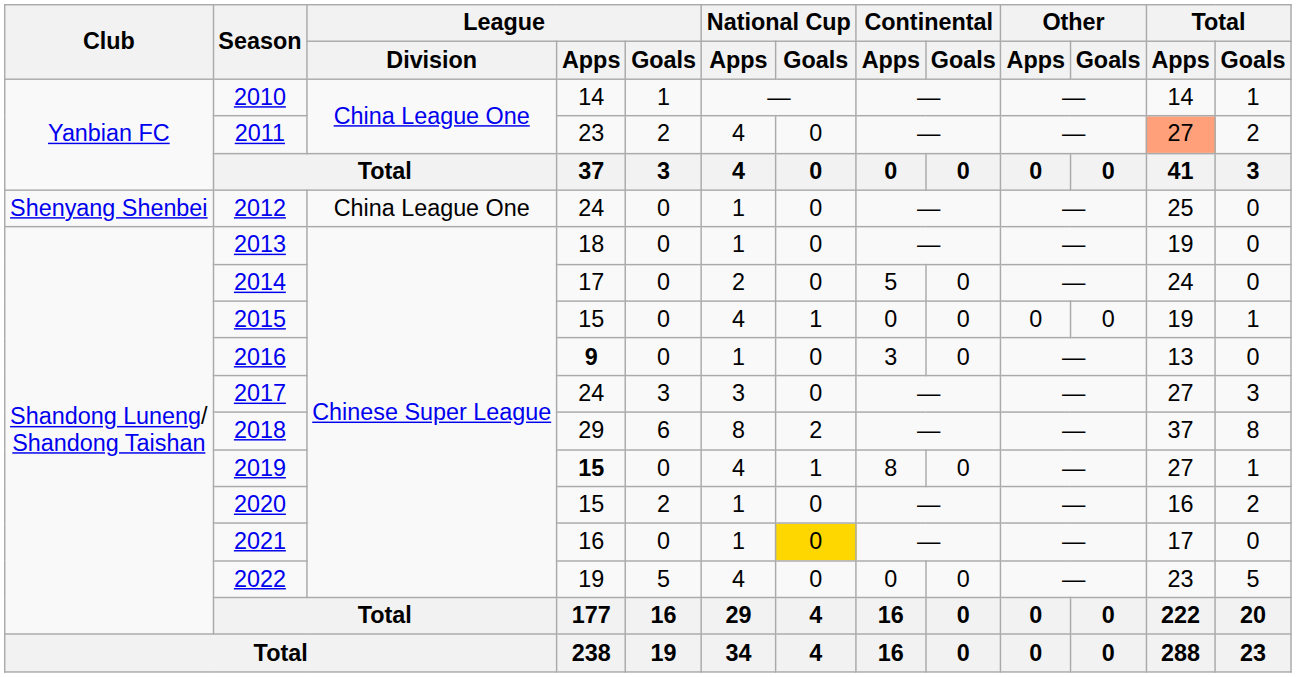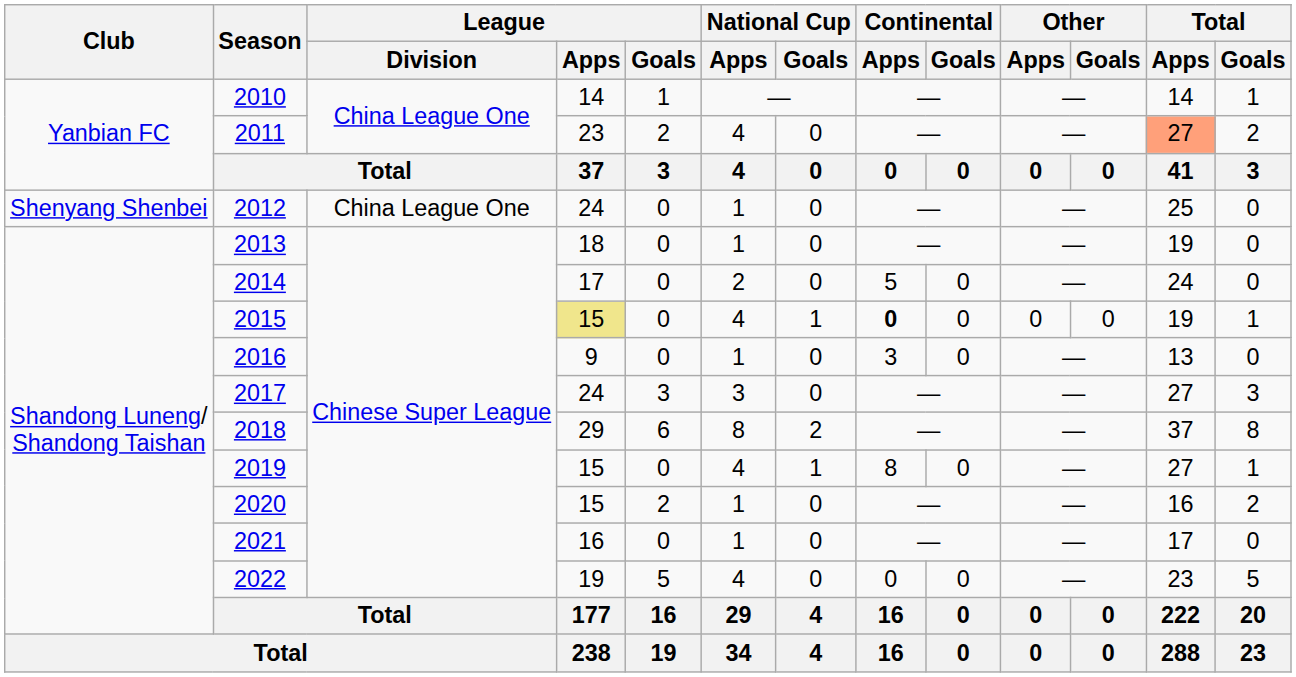 <table class="wikitable" style="text-align: center">
 <tr>
 <th rowspan="2">Club</th>
 <th rowspan="2">Season</th>
 <th colspan="3">League</th>
 <th colspan="2">National Cup</th>
 <th colspan="2">Continental</th>
 <th colspan="2">Other</th>
 <th colspan="2">Total</th>
 </tr>
 <tr>
 <th>Division</th>
 <th>Apps</th>
 <th>Goals</th>
 <th>Apps</th>
 <th>Goals</th>
 <th>Apps</th>
 <th>Goals</th>
 <th>Apps</th>
 <th>Goals</th>
 <th>Apps</th>
 <th>Goals</th>
 </tr>
 <tr>
 <td rowspan="3"><a href='#'>Yanbian FC</a></td>
 <td><a href='#'>2010</a></td>
 <td rowspan="2"><a href='#'>China League One</a></td>
 <td>14</td>
 <td>1</td>
 <td colspan="2">—</td>
 <td colspan="2">—</td>
 <td colspan="2">—</td>
 <td>14</td>
 <td>1</td>
 </tr>
 <tr>
 <td><a href='#'>2011</a></td>
 <td>23</td>
 <td>2</td>
 <td>4</td>
 <td>0</td>
 <td colspan="2">—</td>
 <td colspan="2">—</td>
 <td style="background: lightsalmon;">27</td>
 <td>2</td>
 </tr>
 <tr>
 <th colspan="2">Total</th>
 <th>37</th>
 <th>3</th>
 <th>4</th>
 <th>0</th>
 <th>0</th>
 <th>0</th>
 <th>0</th>
 <th>0</th>
 <th>41</th>
 <th>3</th>
 </tr>
 <tr>
 <td><a href='#'>Shenyang Shenbei</a></td>
 <td><a href='#'>2012</a></td>
 <td>China League One</td>
 <td>24</td>
 <td>0</td>
 <td>1</td>
 <td>0</td>
 <td colspan="2">—</td>
 <td colspan="2">—</td>
 <td>25</td>
 <td>0</td>
 </tr>
 <tr>
 <td rowspan="11"><a href='#'>Shandong Luneng</a>/<br><a href='#'>Shandong Taishan</a></td>
 <td><a href='#'>2013</a></td>
 <td rowspan="10"><a href='#'>Chinese Super League</a></td>
 <td>18</td>
 <td>0</td>
 <td>1</td>
 <td>0</td>
 <td colspan="2">—</td>
 <td colspan="2">—</td>
 <td>19</td>
 <td>0</td>
 </tr>
 <tr>
 <td><a href='#'>2014</a></td>
 <td>17</td>
 <td>0</td>
 <td>2</td>
 <td>0</td>
 <td>5</td>
 <td>0</td>
 <td colspan="2">—</td>
 <td>24</td>
 <td>0</td>
 </tr>
 <tr>
 <td><a href='#'>2015</a></td>
-<td>15</td>
+<td style="background: khaki;">15</td>
 <td>0</td>
 <td>4</td>
 <td>1</td>
-<td>0</td>
+<td><strong>0</strong></td>
 <td>0</td>
 <td>0</td>
 <td>0</td>
 <td>19</td>
 <td>1</td>
 </tr>
 <tr>
 <td><a href='#'>2016</a></td>
-<td><strong>9</strong></td>
+<td>9</td>
 <td>0</td>
 <td>1</td>
 <td>0</td>
 <td>3</td>
 <td>0</td>
 <td colspan="2">—</td>
 <td>13</td>
 <td>0</td>
 </tr>
 <tr>
 <td><a href='#'>2017</a></td>
 <td>24</td>
 <td>3</td>
 <td>3</td>
 <td>0</td>
 <td colspan="2">—</td>
 <td colspan="2">—</td>
 <td>27</td>
 <td>3</td>
 </tr>
 <tr>
 <td><a href='#'>2018</a></td>
 <td>29</td>
 <td>6</td>
 <td>8</td>
 <td>2</td>
 <td colspan="2">—</td>
 <td colspan="2">—</td>
 <td>37</td>
 <td>8</td>
 </tr>
 <tr>
 <td><a href='#'>2019</a></td>
-<td><strong>15</strong></td>
+<td>15</td>
 <td>0</td>
 <td>4</td>
 <td>1</td>
 <td>8</td>
 <td>0</td>
 <td colspan="2">—</td>
 <td>27</td>
 <td>1</td>
 </tr>
 <tr>
 <td><a href='#'>2020</a></td>
 <td>15</td>
 <td>2</td>
 <td>1</td>
 <td>0</td>
 <td colspan="2">—</td>
 <td colspan="2">—</td>
 <td>16</td>
 <td>2</td>
 </tr>
 <tr>
 <td><a href='#'>2021</a></td>
 <td>16</td>
 <td>0</td>
 <td>1</td>
-<td style="background: gold;">0</td>
+<td>0</td>
 <td colspan="2">—</td>
 <td colspan="2">—</td>
 <td>17</td>
 <td>0</td>
 </tr>
 <tr>
 <td><a href='#'>2022</a></td>
 <td>19</td>
 <td>5</td>
 <td>4</td>
 <td>0</td>
 <td>0</td>
 <td>0</td>
 <td colspan="2">—</td>
 <td>23</td>
 <td>5</td>
 </tr>
 <tr>
 <th colspan=2>Total</th>
 <th>177</th>
 <th>16</th>
 <th>29</th>
 <th>4</th>
 <th>16</th>
 <th>0</th>
 <th>0</th>
 <th>0</th>
 <th>222</th>
 <th>20</th>
 </tr>
 <tr>
 <th colspan=3>Total</th>
 <th>238</th>
 <th>19</th>
 <th>34</th>
 <th>4</th>
 <th>16</th>
 <th>0</th>
 <th>0</th>
 <th>0</th>
 <th>288</th>
 <th>23</th>
 </tr>
 </table>
